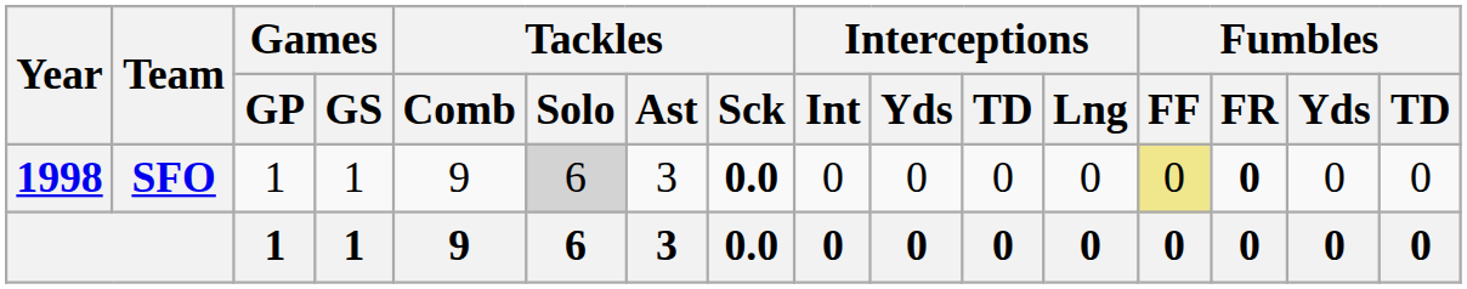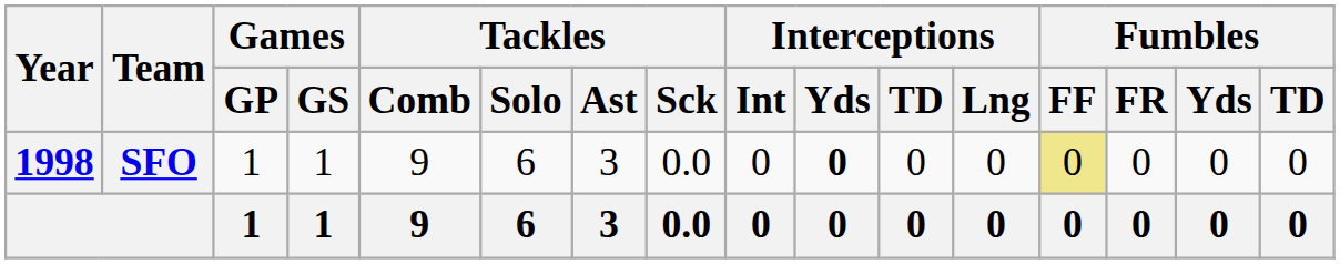 <table class="wikitable" style="text-align:center">
 <tr>
 <th rowspan="2">Year</th>
 <th rowspan="2">Team</th>
 <th colspan="2">Games</th>
 <th colspan="4">Tackles</th>
 <th colspan="4">Interceptions</th>
 <th colspan="4">Fumbles</th>
 </tr>
 <tr>
 <th>GP</th>
 <th>GS</th>
 <th>Comb</th>
 <th>Solo</th>
 <th>Ast</th>
 <th>Sck</th>
 <th>Int</th>
 <th>Yds</th>
 <th>TD</th>
 <th>Lng</th>
 <th>FF</th>
 <th>FR</th>
 <th>Yds</th>
 <th>TD</th>
 </tr>
 <tr>
 <th><a href='#'>1998</a></th>
 <th><a href='#'>SFO</a></th>
 <td>1</td>
 <td>1</td>
 <td>9</td>
-<td style="background: lightgrey;">6</td>
+<td>6</td>
 <td>3</td>
-<td><strong>0.0</strong></td>
+<td>0.0</td>
 <td>0</td>
-<td>0</td>
+<td><strong>0</strong></td>
 <td>0</td>
 <td>0</td>
 <td style="background: khaki;">0</td>
-<td><strong>0</strong></td>
+<td>0</td>
 <td>0</td>
 <td>0</td>
 </tr>
 <tr>
 <th colspan="2"></th>
 <th>1</th>
 <th>1</th>
 <th>9</th>
 <th>6</th>
 <th>3</th>
 <th>0.0</th>
 <th>0</th>
 <th>0</th>
 <th>0</th>
 <th>0</th>
 <th>0</th>
 <th>0</th>
 <th>0</th>
 <th>0</th>
 </tr>
 </table>
